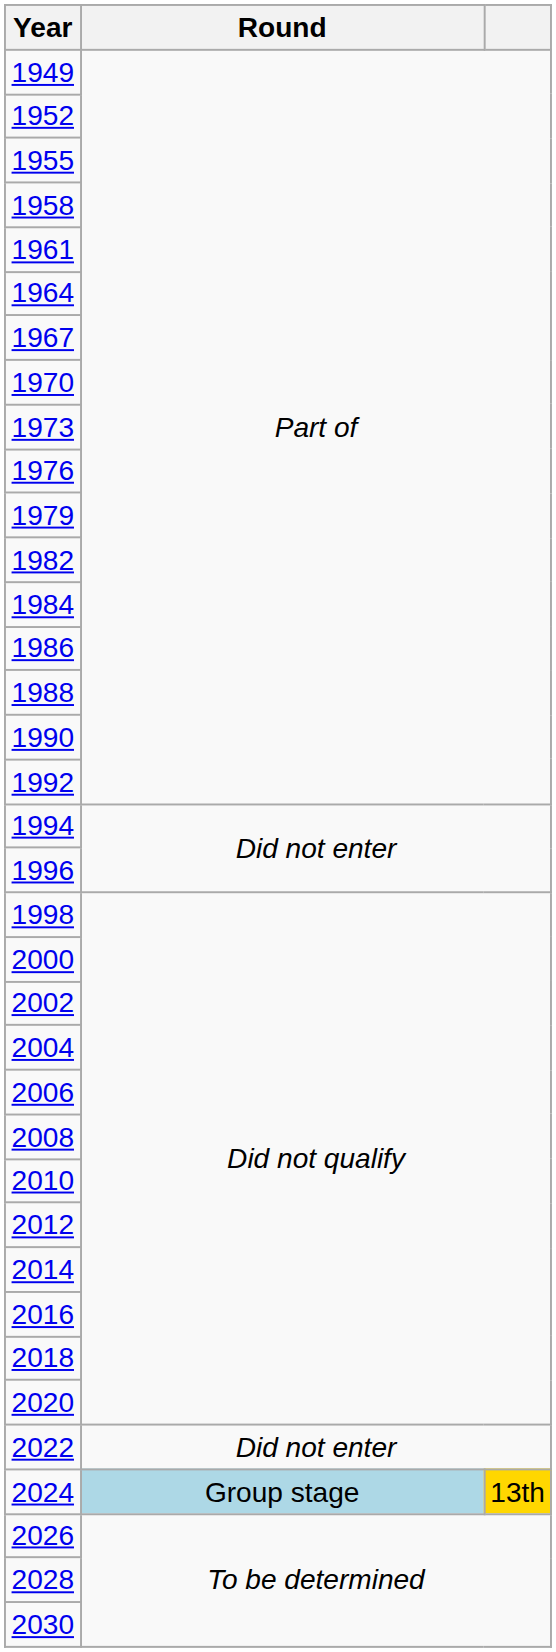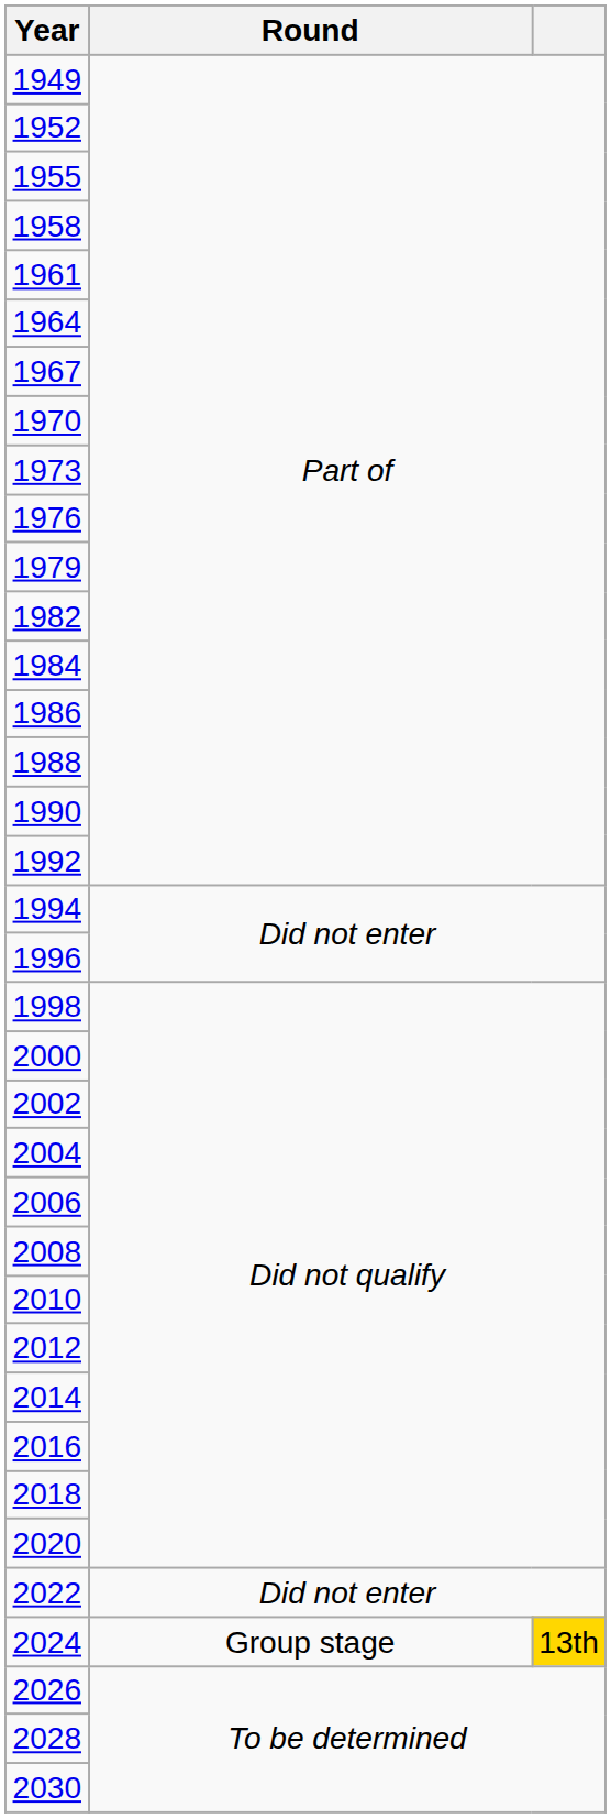 <table class="wikitable" style="text-align: center; font-size:90%">
 <tr>
 <th>Year</th>
 <th style="width:200px">Round</th>
 <th></th>
 </tr>
 <tr>
 <td><a href='#'>1949</a></td>
 <td colspan="2" rowspan="17"><em>Part of </em></td>
 </tr>
 <tr>
 <td><a href='#'>1952</a></td>
 </tr>
 <tr>
 <td><a href='#'>1955</a></td>
 </tr>
 <tr>
 <td><a href='#'>1958</a></td>
 </tr>
 <tr>
 <td><a href='#'>1961</a></td>
 </tr>
 <tr>
 <td><a href='#'>1964</a></td>
 </tr>
 <tr>
 <td><a href='#'>1967</a></td>
 </tr>
 <tr>
 <td><a href='#'>1970</a></td>
 </tr>
 <tr>
 <td><a href='#'>1973</a></td>
 </tr>
 <tr>
 <td><a href='#'>1976</a></td>
 </tr>
 <tr>
 <td><a href='#'>1979</a></td>
 </tr>
 <tr>
 <td><a href='#'>1982</a></td>
 </tr>
 <tr>
 <td><a href='#'>1984</a></td>
 </tr>
 <tr>
 <td><a href='#'>1986</a></td>
 </tr>
 <tr>
 <td><a href='#'>1988</a></td>
 </tr>
 <tr>
 <td><a href='#'>1990</a></td>
 </tr>
 <tr>
 <td><a href='#'>1992</a></td>
 </tr>
 <tr>
 <td><a href='#'>1994</a></td>
 <td colspan="2" rowspan="2"><em>Did not enter</em></td>
 </tr>
 <tr>
 <td><a href='#'>1996</a></td>
 </tr>
 <tr>
 <td><a href='#'>1998</a></td>
 <td colspan="2" rowspan="12"><em>Did not qualify</em></td>
 </tr>
 <tr>
 <td><a href='#'>2000</a></td>
 </tr>
 <tr>
 <td><a href='#'>2002</a></td>
 </tr>
 <tr>
 <td><a href='#'>2004</a></td>
 </tr>
 <tr>
 <td><a href='#'>2006</a></td>
 </tr>
 <tr>
 <td><a href='#'>2008</a></td>
 </tr>
 <tr>
 <td><a href='#'>2010</a></td>
 </tr>
 <tr>
 <td><a href='#'>2012</a></td>
 </tr>
 <tr>
 <td><a href='#'>2014</a></td>
 </tr>
 <tr>
 <td><a href='#'>2016</a></td>
 </tr>
 <tr>
 <td><a href='#'>2018</a></td>
 </tr>
 <tr>
 <td><a href='#'>2020</a></td>
 </tr>
 <tr>
 <td><a href='#'>2022</a></td>
 <td colspan="2"><em>Did not enter</em></td>
 </tr>
 <tr>
 <td><a href='#'>2024</a></td>
-<td style="background: lightblue;">Group stage</td>
+<td>Group stage</td>
 <td style="background: gold;">13th</td>
 </tr>
 <tr>
 <td><a href='#'>2026</a></td>
 <td colspan="2" rowspan="3"><em>To be determined</em></td>
 </tr>
 <tr>
 <td><a href='#'>2028</a></td>
 </tr>
 <tr>
 <td><a href='#'>2030</a></td>
 </tr>
 </table>
